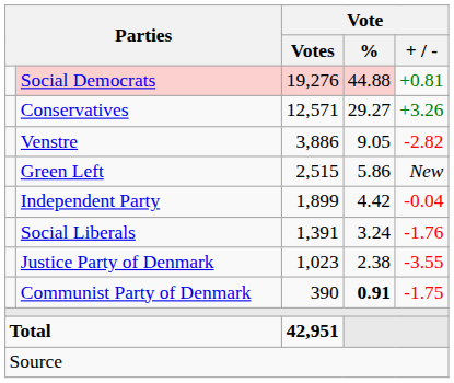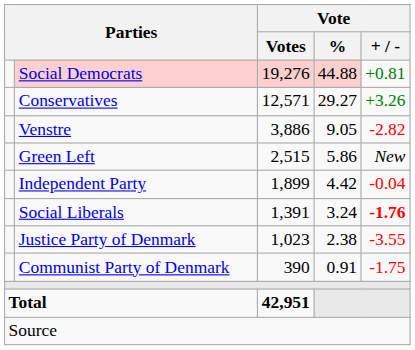 <table class="wikitable" style="text-align:right;">
 <tr>
 <th style="text-align:centre;" rowspan="2" colspan="2" width="225">Parties</th>
 <th colspan="3">Vote</th>
 </tr>
 <tr>
 <th width="15">Votes</th>
 <th width="15">%</th>
 <th width="15">+ / -</th>
 </tr>
 <tr>
 <td width="2" style="color:inherit;background:"></td>
 <td bgcolor=#fbd0ce  align="left"><a href='#'>Social Democrats</a></td>
 <td bgcolor=#fbd0ce>19,276</td>
 <td bgcolor=#fbd0ce>44.88</td>
 <td style=color:green;>+0.81</td>
 </tr>
 <tr>
 <td width="2" style="color:inherit;background:"></td>
 <td align="left"><a href='#'>Conservatives</a></td>
 <td>12,571</td>
 <td>29.27</td>
 <td style=color:green;>+3.26</td>
 </tr>
 <tr>
 <td width="2" style="color:inherit;background:"></td>
 <td align="left"><a href='#'>Venstre</a></td>
 <td>3,886</td>
 <td>9.05</td>
 <td style=color:red;>-2.82</td>
 </tr>
 <tr>
 <td width="2" style="color:inherit;background:"></td>
 <td align="left"><a href='#'>Green Left</a></td>
 <td>2,515</td>
 <td>5.86</td>
 <td><em>New</em></td>
 </tr>
 <tr>
 <td width="2" style="color:inherit;background:"></td>
 <td align="left"><a href='#'>Independent Party</a></td>
 <td>1,899</td>
 <td>4.42</td>
 <td style=color:red;>-0.04</td>
 </tr>
 <tr>
 <td width="2" style="color:inherit;background:"></td>
 <td align="left"><a href='#'>Social Liberals</a></td>
 <td>1,391</td>
 <td>3.24</td>
-<td style=color:red;>-1.76</td>
+<td style=color:red;><strong>-1.76</strong></td>
 </tr>
 <tr>
 <td width="2" style="color:inherit;background:"></td>
 <td align="left"><a href='#'>Justice Party of Denmark</a></td>
 <td>1,023</td>
 <td>2.38</td>
 <td style=color:red;>-3.55</td>
 </tr>
 <tr>
 <td width="2" style="color:inherit;background:"></td>
 <td align="left"><a href='#'>Communist Party of Denmark</a></td>
 <td>390</td>
-<td><strong>0.91</strong></td>
+<td>0.91</td>
 <td style=color:red;>-1.75</td>
 </tr>
 <tr>
 <td colspan="7" bgcolor="#E9E9E9"></td>
 </tr>
 <tr>
 <td align="left" colspan="2"><strong>Total</strong></td>
 <td><strong>42,951</strong></td>
 <td bgcolor="#E9E9E9" colspan="2"></td>
 </tr>
 <tr>
 <td align="left" colspan="6">Source</td>
 </tr>
 </table>
